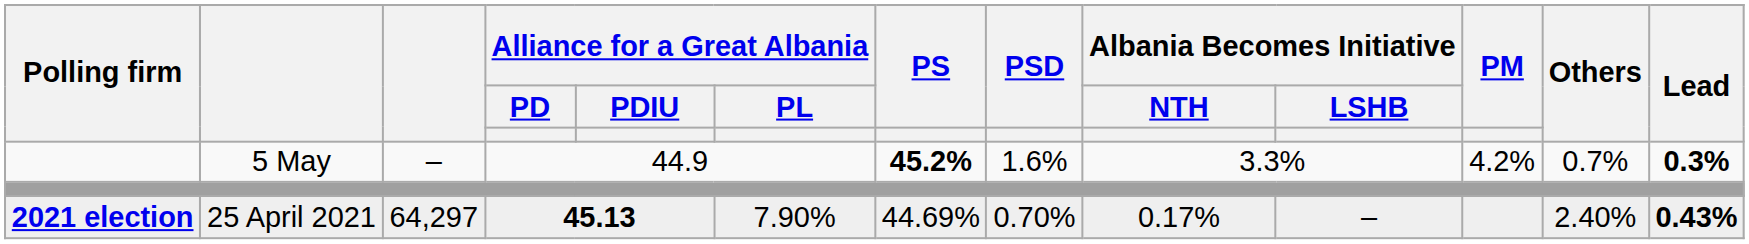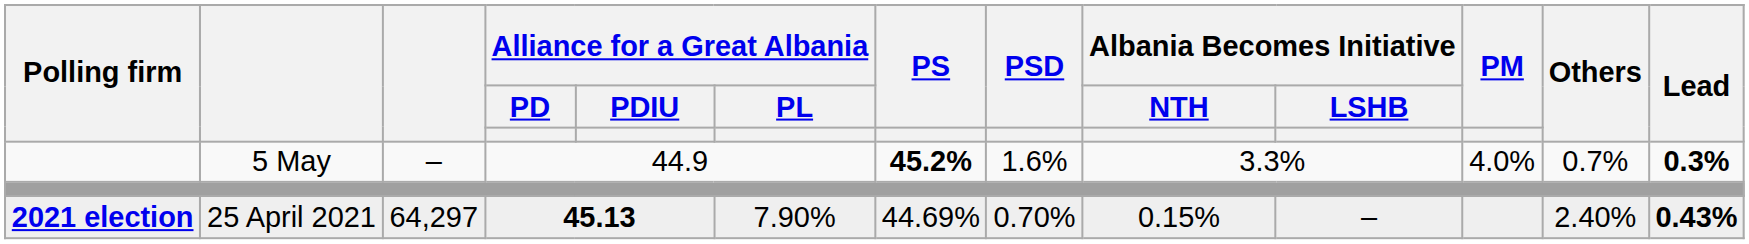 <table class="wikitable sortable tpl-blanktablele" style="text-align:center;font-size:90%;line-height:14px;">
 <tr style="height:40px;">
 <th rowspan="3">Polling firm</th>
 <th rowspan="3"></th>
 <th rowspan="3"></th>
 <th colspan=3><a href='#'>Alliance for a Great Albania</a></th>
 <th class="unsortable" style="width:40px;" rowspan=2><a href='#'>PS</a></th>
 <th class="unsortable" style="width:40px;" rowspan=2><a href='#'>PSD</a></th>
 <th colspan=2>Albania Becomes Initiative</th>
 <th class="unsortable" style="width:30px;"  rowspan=2><a href='#'>PM</a></th>
 <th class="unsortable" style="width:30px;"  rowspan=3>Others</th>
 <th style="width:30px;" rowspan=3><br>Lead</th>
 </tr>
 <tr>
 <th><a href='#'>PD</a></th>
 <th><a href='#'>PDIU</a></th>
 <th><a href='#'>PL</a></th>
 <th><a href='#'>NTH</a></th>
 <th><a href='#'>LSHB</a></th>
 </tr>
 <tr>
 <th style="background:"></th>
 <th style="background:"></th>
 <th style="background:"></th>
 <th style="background:"></th>
 <th style="background:"></th>
 <th style="background:"></th>
 <th style="background:"></th>
 <th style="background:"></th>
 </tr>
 <tr>
 <td></td>
 <td>5 May</td>
 <td>–</td>
 <td colspan="3">44.9<br> </td>
 <td><strong>45.2%</strong><br></td>
 <td>1.6%<br></td>
 <td colspan="2">3.3%<br></td>
-<td>4.2%<br></td>
+<td>4.0%<br></td>
 <td>0.7%</td>
 <td style="background:"><strong>0.3%</strong></td>
 </tr>
 <tr>
 <td colspan="15" style="background:#A0A0A0"></td>
 </tr>
 <tr style="background:#EFEFEF">
 <td><strong><a href='#'>2021 election</a></strong></td>
 <td>25 April 2021</td>
 <td>64,297</td>
 <td colspan="2"; ><strong>45.13</strong><br> </td>
 <td>7.90%<br></td>
 <td>44.69%<br></td>
 <td>0.70%<br></td>
-<td>0.17%<br></td>
+<td>0.15%<br></td>
 <td>–</td>
 <td></td>
 <td>2.40%</td>
 <td style="background:"><strong>0.43%</strong></td>
 </tr>
 </table>
